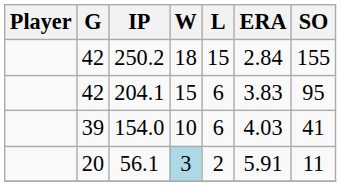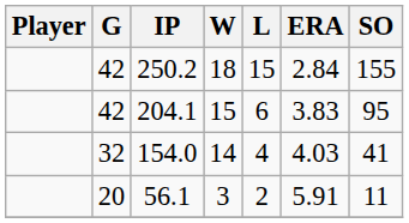 <table class="wikitable sortable" style="text-align:center;">
 <tr>
 <th>Player</th>
 <th>G</th>
 <th>IP</th>
 <th>W</th>
 <th>L</th>
 <th>ERA</th>
 <th>SO</th>
 </tr>
 <tr>
 <td></td>
 <td>42</td>
 <td>250.2</td>
 <td>18</td>
 <td>15</td>
 <td>2.84</td>
 <td>155</td>
 </tr>
 <tr>
 <td></td>
 <td>42</td>
 <td>204.1</td>
 <td>15</td>
 <td>6</td>
 <td>3.83</td>
 <td>95</td>
 </tr>
 <tr>
 <td></td>
-<td>39</td>
+<td>32</td>
 <td>154.0</td>
-<td>10</td>
-<td>6</td>
+<td>14</td>
+<td>4</td>
 <td>4.03</td>
 <td>41</td>
 </tr>
 <tr>
 <td></td>
 <td>20</td>
 <td>56.1</td>
-<td style="background: lightblue;">3</td>
+<td>3</td>
 <td>2</td>
 <td>5.91</td>
 <td>11</td>
 </tr>
 <tr>
 </tr>
 </table>
